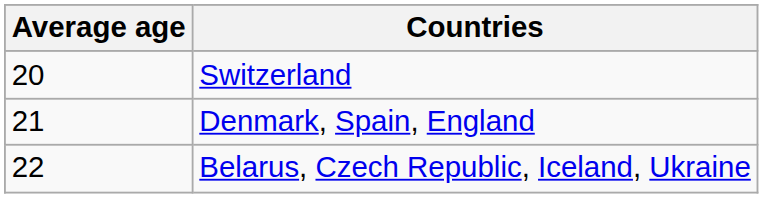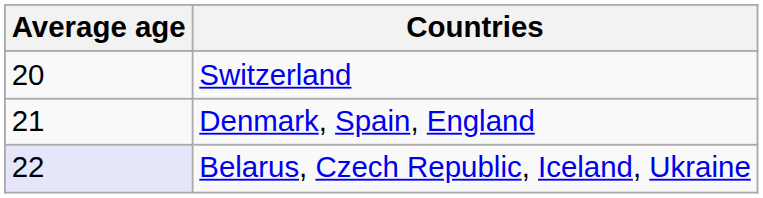 <table class="wikitable">
 <tr>
 <th>Average age</th>
 <th>Countries</th>
 </tr>
 <tr>
 <td>20</td>
 <td><a href='#'>Switzerland</a></td>
 </tr>
 <tr>
 <td>21</td>
 <td><a href='#'>Denmark</a>, <a href='#'>Spain</a>, <a href='#'>England</a></td>
 </tr>
 <tr>
-<td>22</td>
+<td style="background: lavender;">22</td>
 <td><a href='#'>Belarus</a>, <a href='#'>Czech Republic</a>, <a href='#'>Iceland</a>, <a href='#'>Ukraine</a></td>
 </tr>
 </table>
